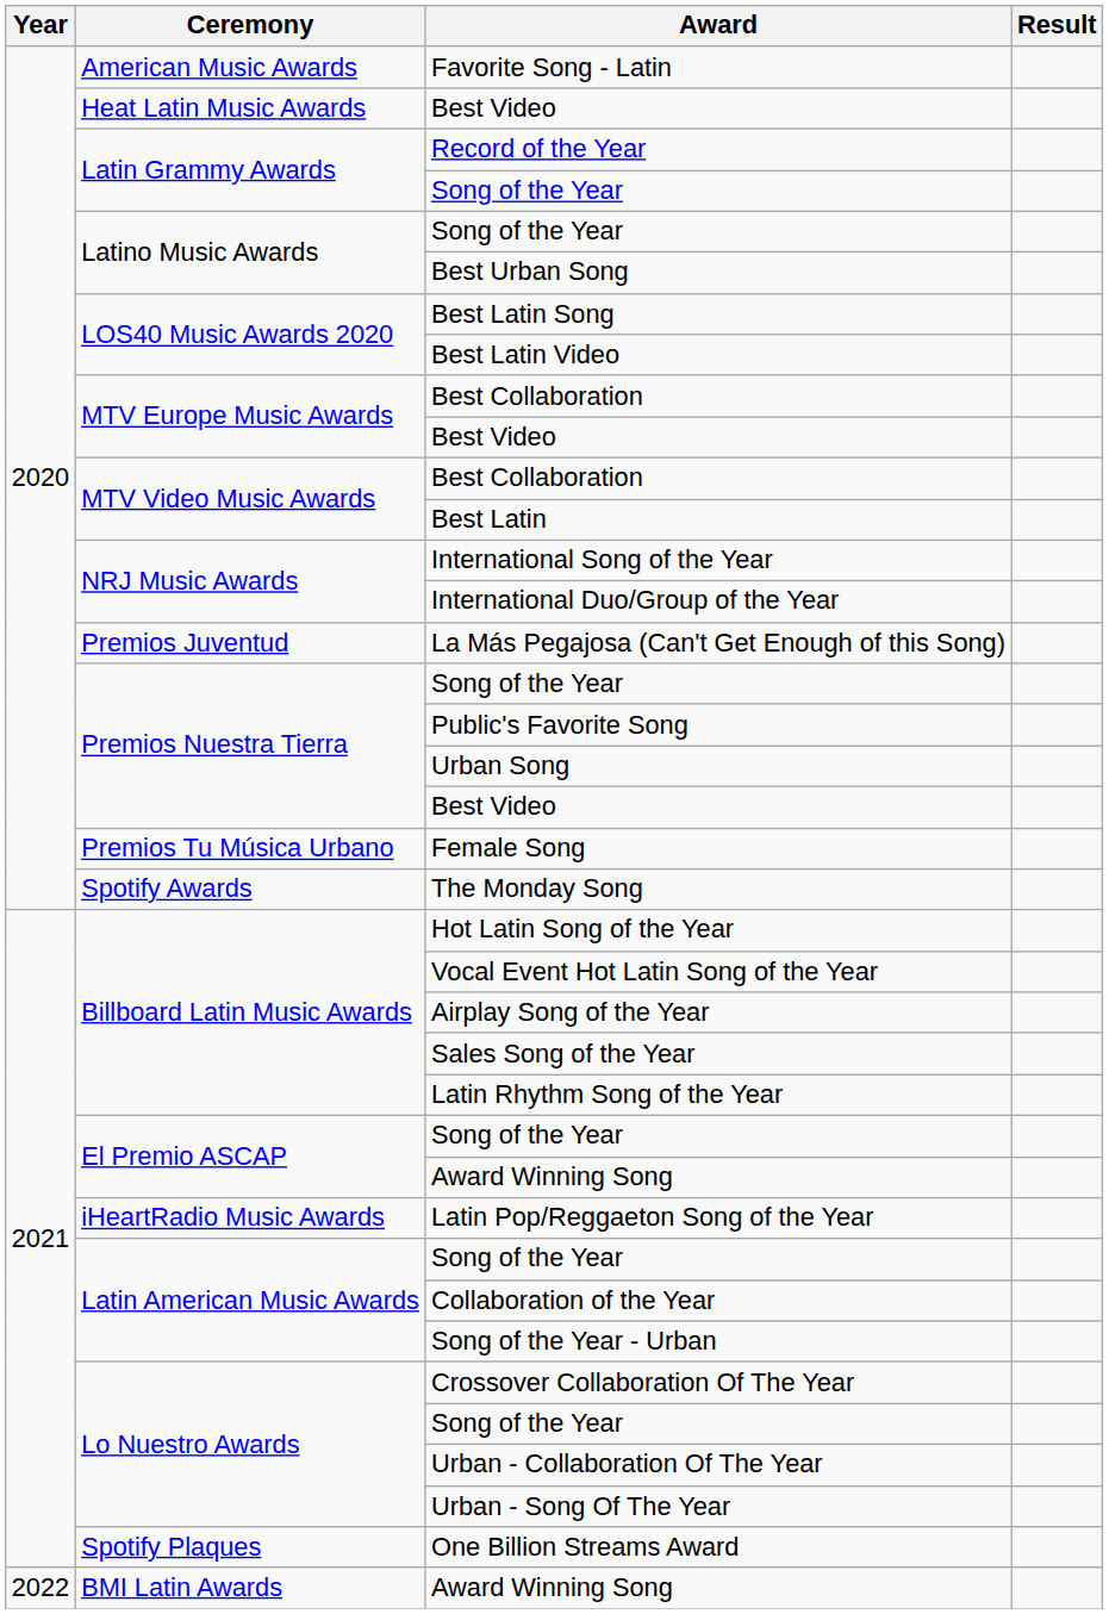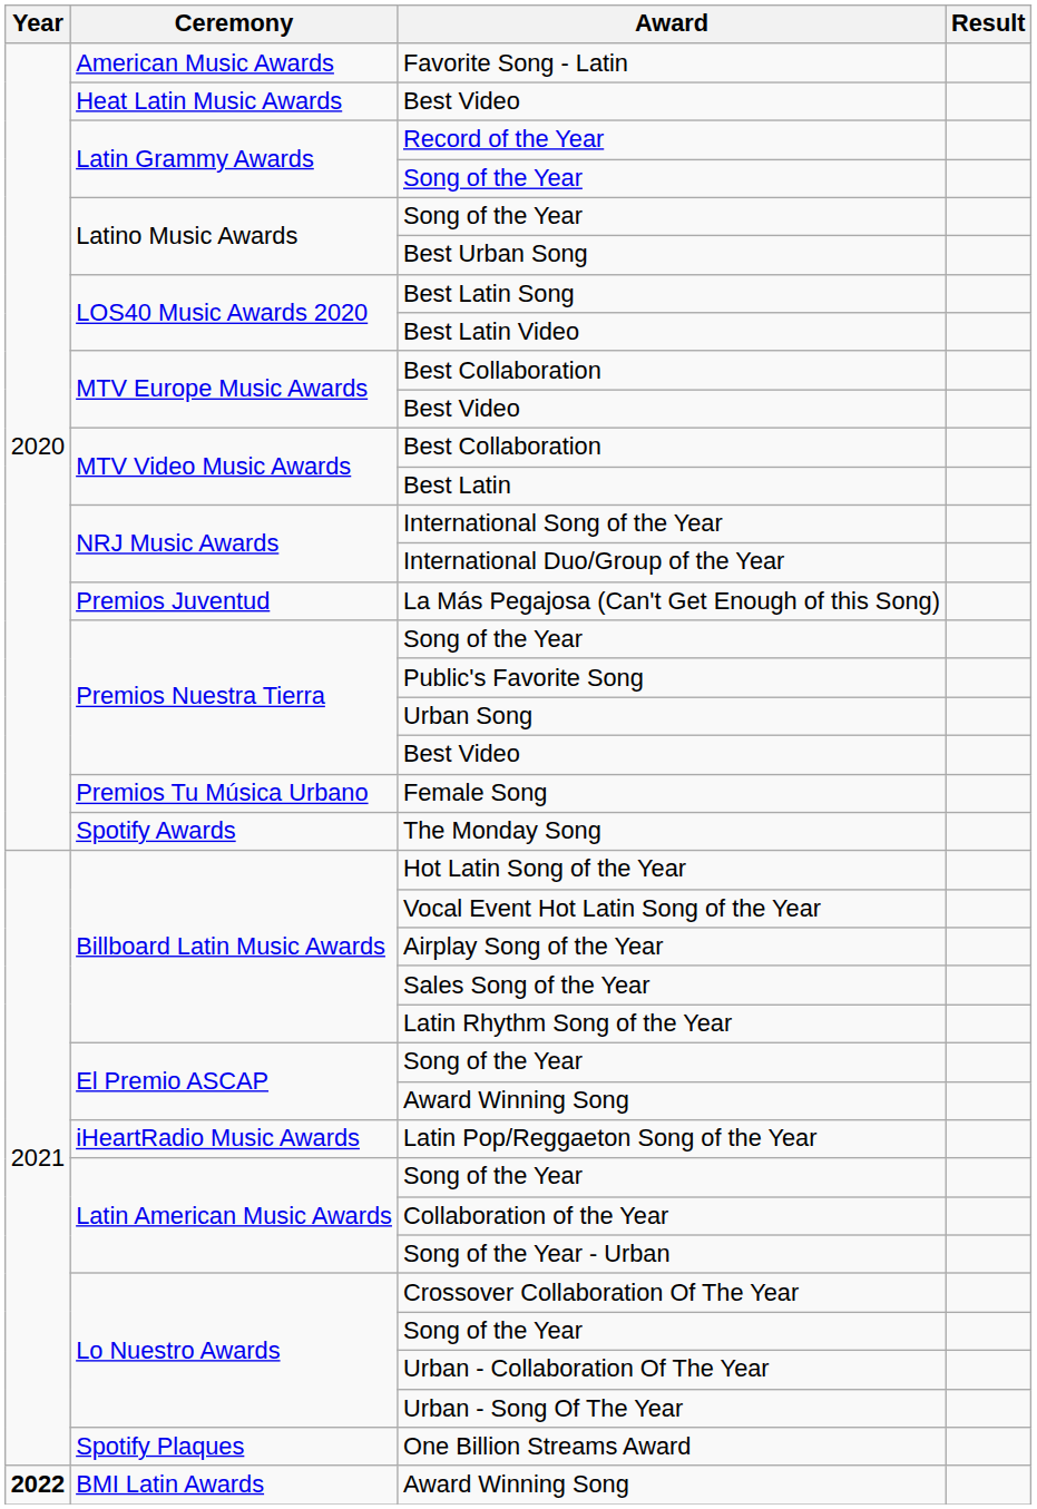 <table class="wikitable plainrowheaders">
 <tr>
 <th scope="col">Year</th>
 <th scope="col">Ceremony</th>
 <th scope="col">Award</th>
 <th scope="col">Result</th>
 </tr>
 <tr>
 <td rowspan="21">2020</td>
 <td><a href='#'>American Music Awards</a></td>
 <td>Favorite Song - Latin</td>
 <td></td>
 </tr>
 <tr>
 <td><a href='#'>Heat Latin Music Awards</a></td>
 <td>Best Video</td>
 <td></td>
 </tr>
 <tr>
 <td rowspan="2"><a href='#'>Latin Grammy Awards</a></td>
 <td><a href='#'>Record of the Year</a></td>
 <td></td>
 </tr>
 <tr>
 <td><a href='#'>Song of the Year</a></td>
 <td></td>
 </tr>
 <tr>
 <td rowspan="2">Latino Music Awards</td>
 <td>Song of the Year</td>
 <td></td>
 </tr>
 <tr>
 <td>Best Urban Song</td>
 <td></td>
 </tr>
 <tr>
 <td rowspan="2"><a href='#'>LOS40 Music Awards 2020</a></td>
 <td>Best Latin Song</td>
 <td></td>
 </tr>
 <tr>
 <td>Best Latin Video</td>
 <td></td>
 </tr>
 <tr>
 <td rowspan="2"><a href='#'>MTV Europe Music Awards</a></td>
 <td>Best Collaboration</td>
 <td></td>
 </tr>
 <tr>
 <td>Best Video</td>
 <td></td>
 </tr>
 <tr>
 <td rowspan="2"><a href='#'>MTV Video Music Awards</a></td>
 <td>Best Collaboration</td>
 <td></td>
 </tr>
 <tr>
 <td>Best Latin</td>
 <td></td>
 </tr>
 <tr>
 <td rowspan="2"><a href='#'>NRJ Music Awards</a></td>
 <td>International Song of the Year</td>
 <td></td>
 </tr>
 <tr>
 <td>International Duo/Group of the Year</td>
 <td></td>
 </tr>
 <tr>
 <td><a href='#'>Premios Juventud</a></td>
 <td>La Más Pegajosa (Can't Get Enough of this Song)</td>
 <td></td>
 </tr>
 <tr>
 <td rowspan="4"><a href='#'>Premios Nuestra Tierra</a></td>
 <td>Song of the Year</td>
 <td></td>
 </tr>
 <tr>
 <td>Public's Favorite Song</td>
 <td></td>
 </tr>
 <tr>
 <td>Urban Song</td>
 <td></td>
 </tr>
 <tr>
 <td>Best Video</td>
 <td></td>
 </tr>
 <tr>
 <td><a href='#'>Premios Tu Música Urbano</a></td>
 <td>Female Song</td>
 <td></td>
 </tr>
 <tr>
 <td><a href='#'>Spotify Awards</a></td>
 <td>The Monday Song</td>
 <td></td>
 </tr>
 <tr>
 <td rowspan="16">2021</td>
 <td rowspan="5"><a href='#'>Billboard Latin Music Awards</a></td>
 <td>Hot Latin Song of the Year</td>
 <td></td>
 </tr>
 <tr>
 <td>Vocal Event Hot Latin Song of the Year</td>
 <td></td>
 </tr>
 <tr>
 <td>Airplay Song of the Year</td>
 <td></td>
 </tr>
 <tr>
 <td>Sales Song of the Year</td>
 <td></td>
 </tr>
 <tr>
 <td>Latin Rhythm Song of the Year</td>
 <td></td>
 </tr>
 <tr>
 <td rowspan="2"><a href='#'>El Premio ASCAP</a></td>
 <td>Song of the Year</td>
 <td></td>
 </tr>
 <tr>
 <td>Award Winning Song</td>
 <td></td>
 </tr>
 <tr>
 <td><a href='#'>iHeartRadio Music Awards</a></td>
 <td>Latin Pop/Reggaeton Song of the Year</td>
 <td></td>
 </tr>
 <tr>
 <td rowspan="3"><a href='#'>Latin American Music Awards</a></td>
 <td>Song of the Year</td>
 <td></td>
 </tr>
 <tr>
 <td>Collaboration of the Year</td>
 <td></td>
 </tr>
 <tr>
 <td>Song of the Year - Urban</td>
 <td></td>
 </tr>
 <tr>
 <td rowspan="4"><a href='#'>Lo Nuestro Awards</a></td>
 <td>Crossover Collaboration Of The Year</td>
 <td></td>
 </tr>
 <tr>
 <td>Song of the Year</td>
 <td></td>
 </tr>
 <tr>
 <td>Urban - Collaboration Of The Year</td>
 <td></td>
 </tr>
 <tr>
 <td>Urban - Song Of The Year</td>
 <td></td>
 </tr>
 <tr>
 <td><a href='#'>Spotify Plaques</a></td>
 <td>One Billion Streams Award</td>
 <td></td>
 </tr>
 <tr>
-<td rowspan="1">2022</td>
+<td rowspan="1"><strong>2022</strong></td>
 <td><a href='#'>BMI Latin Awards</a></td>
 <td>Award Winning Song</td>
 <td></td>
 </tr>
 </table>
